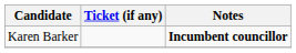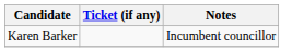 <table class="wikitable" style="font-size: 95%">
 <tr>
 <th>Candidate</th>
 <th><a href='#'>Ticket</a> (if any)</th>
 <th>Notes</th>
 </tr>
 <tr>
 <td>Karen Barker</td>
 <td></td>
-<td><strong>Incumbent councillor</strong></td>
+<td>Incumbent councillor</td>
 </tr>
 <tr>
 </tr>
 </table>
